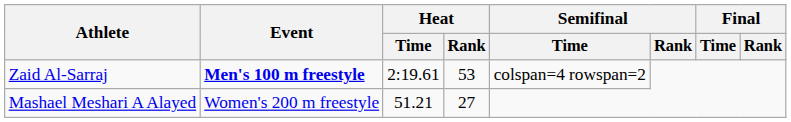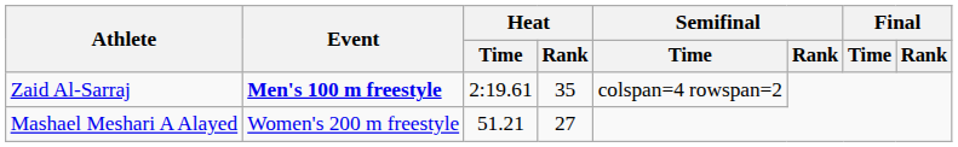 <table class=wikitable style="font-size:90%">
 <tr>
 <th rowspan="2">Athlete</th>
 <th rowspan="2">Event</th>
 <th colspan="2">Heat</th>
 <th colspan="2">Semifinal</th>
 <th colspan="2">Final</th>
 </tr>
 <tr style="font-size:95%">
 <th>Time</th>
 <th>Rank</th>
 <th>Time</th>
 <th>Rank</th>
 <th>Time</th>
 <th>Rank</th>
 </tr>
 <tr align=center>
 <td align=left><a href='#'>Zaid Al-Sarraj</a></td>
 <td align=left><strong><a href='#'>Men's 100 m freestyle</a></strong></td>
 <td>2:19.61</td>
-<td>53</td>
+<td>35</td>
 <td>colspan=4 rowspan=2</td>
 </tr>
 <tr align=center>
 <td align=left><a href='#'>Mashael Meshari A Alayed</a></td>
 <td align=left><a href='#'>Women's 200 m freestyle</a></td>
 <td>51.21</td>
 <td>27</td>
 </tr>
 </table>
